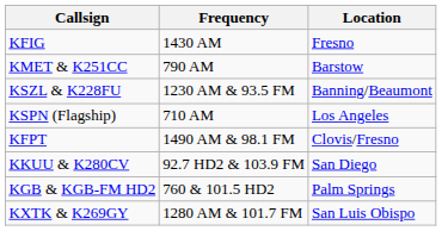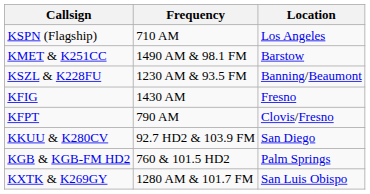 <table class="wikitable">
 <tr>
 <th>Callsign</th>
 <th>Frequency</th>
 <th>Location</th>
 </tr>
 <tr>
-<td><a href='#'>KFIG</a></td>
-<td>1430 AM</td>
-<td><a href='#'>Fresno</a></td>
+<td><a href='#'>KSPN</a> (Flagship)</td>
+<td>710 AM</td>
+<td><a href='#'>Los Angeles</a></td>
 </tr>
 <tr>
 <td><a href='#'>KMET</a> & <a href='#'>K251CC</a></td>
-<td>790 AM</td>
+<td>1490 AM & 98.1 FM</td>
 <td><a href='#'>Barstow</a></td>
 </tr>
 <tr>
 <td><a href='#'>KSZL</a> & <a href='#'>K228FU</a></td>
 <td>1230 AM & 93.5 FM</td>
 <td><a href='#'>Banning</a>/<a href='#'>Beaumont</a></td>
 </tr>
 <tr>
-<td><a href='#'>KSPN</a> (Flagship)</td>
-<td>710 AM</td>
-<td><a href='#'>Los Angeles</a></td>
+<td><a href='#'>KFIG</a></td>
+<td>1430 AM</td>
+<td><a href='#'>Fresno</a></td>
 </tr>
 <tr>
 <td><a href='#'>KFPT</a></td>
-<td>1490 AM & 98.1 FM</td>
+<td>790 AM</td>
 <td><a href='#'>Clovis</a>/<a href='#'>Fresno</a></td>
 </tr>
 <tr>
 <td><a href='#'>KKUU</a> & <a href='#'>K280CV</a></td>
 <td>92.7 HD2 & 103.9 FM</td>
 <td><a href='#'>San Diego</a></td>
 </tr>
 <tr>
 <td><a href='#'>KGB</a> & <a href='#'>KGB-FM HD2</a></td>
 <td>760 & 101.5 HD2</td>
 <td><a href='#'>Palm Springs</a></td>
 </tr>
 <tr>
 <td><a href='#'>KXTK</a> & <a href='#'>K269GY</a></td>
 <td>1280 AM & 101.7 FM</td>
 <td><a href='#'>San Luis Obispo</a></td>
 </tr>
 </table>
